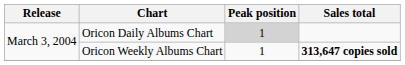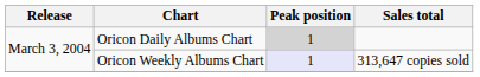 <table class="wikitable">
 <tr>
 <th>Release</th>
 <th>Chart</th>
 <th>Peak position</th>
 <th>Sales total</th>
 </tr>
 <tr>
 <td rowspan="2">March 3, 2004</td>
 <td>Oricon Daily Albums Chart</td>
 <td align="center" style="background: lightgrey;">1</td>
 <td></td>
 </tr>
 <tr>
 <td>Oricon Weekly Albums Chart</td>
-<td align="center">1</td>
-<td><strong>313,647 copies sold</strong></td>
+<td align="center" style="background: lavender;">1</td>
+<td>313,647 copies sold</td>
 </tr>
 <tr>
 </tr>
 </table>
